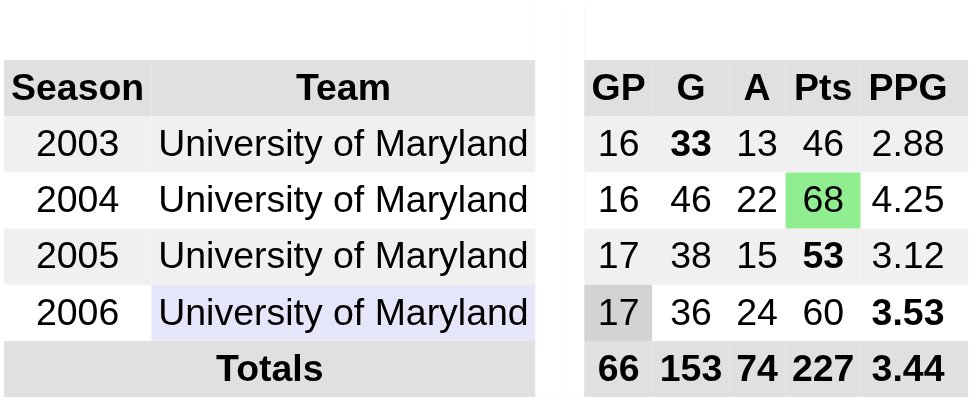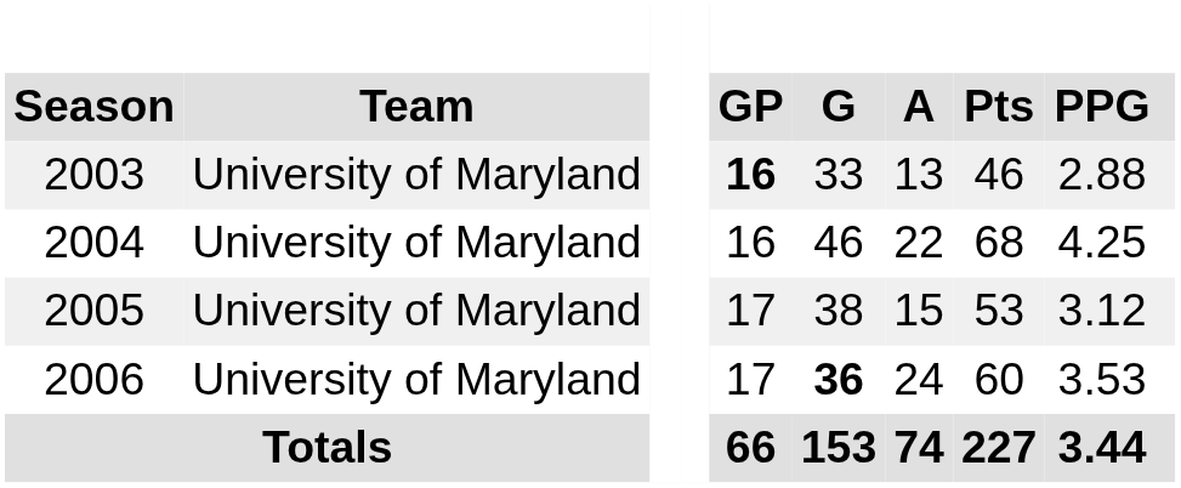 <table BORDER="0" CELLPADDING="3" CELLSPACING="0">
 <tr ALIGN="center" bgcolor="#e0e0e0">
 <th colspan="2" bgcolor="#ffffff"> </th>
 <th rowspan="99" bgcolor="#ffffff"> </th>
 <th rowspan="99" bgcolor="#ffffff"> </th>
 </tr>
 <tr ALIGN="center" bgcolor="#e0e0e0">
 <th>Season</th>
 <th>Team</th>
 <th>GP</th>
 <th>G</th>
 <th>A</th>
 <th>Pts</th>
 <th>PPG</th>
 <th></th>
 </tr>
 <tr ALIGN="center" bgcolor="#f0f0f0">
 <td>2003</td>
 <td>University of Maryland</td>
-<td>16</td>
-<td><strong>33</strong></td>
+<td><strong>16</strong></td>
+<td>33</td>
 <td>13</td>
 <td>46</td>
 <td>2.88</td>
 <td></td>
 </tr>
 <tr ALIGN="center">
 <td>2004</td>
 <td>University of Maryland</td>
 <td>16</td>
 <td>46</td>
 <td>22</td>
-<td style="background: lightgreen;">68</td>
+<td>68</td>
 <td>4.25</td>
 <td></td>
 </tr>
 <tr ALIGN="center" bgcolor="#f0f0f0">
 <td>2005</td>
 <td>University of Maryland</td>
 <td>17</td>
 <td>38</td>
 <td>15</td>
-<td><strong>53</strong></td>
+<td>53</td>
 <td>3.12</td>
 <td></td>
 </tr>
 <tr ALIGN="center">
 <td>2006</td>
-<td style="background: lavender;">University of Maryland</td>
-<td style="background: lightgrey;">17</td>
-<td>36</td>
+<td>University of Maryland</td>
+<td>17</td>
+<td><strong>36</strong></td>
 <td>24</td>
 <td>60</td>
-<td><strong>3.53</strong></td>
+<td>3.53</td>
 <td></td>
 </tr>
 <tr ALIGN="center" bgcolor="#e0e0e0">
 <th colspan="2">Totals</th>
 <th>66</th>
 <th>153</th>
 <th>74</th>
 <th>227</th>
 <th>3.44</th>
 <th></th>
 </tr>
 </table>
